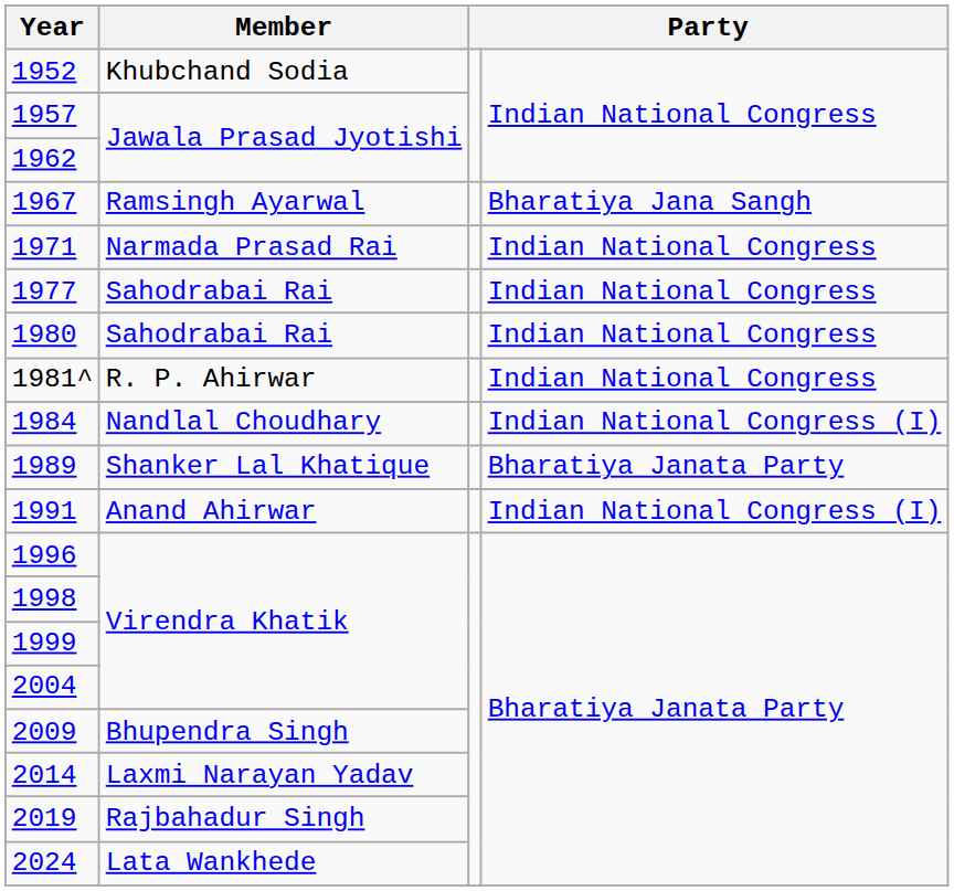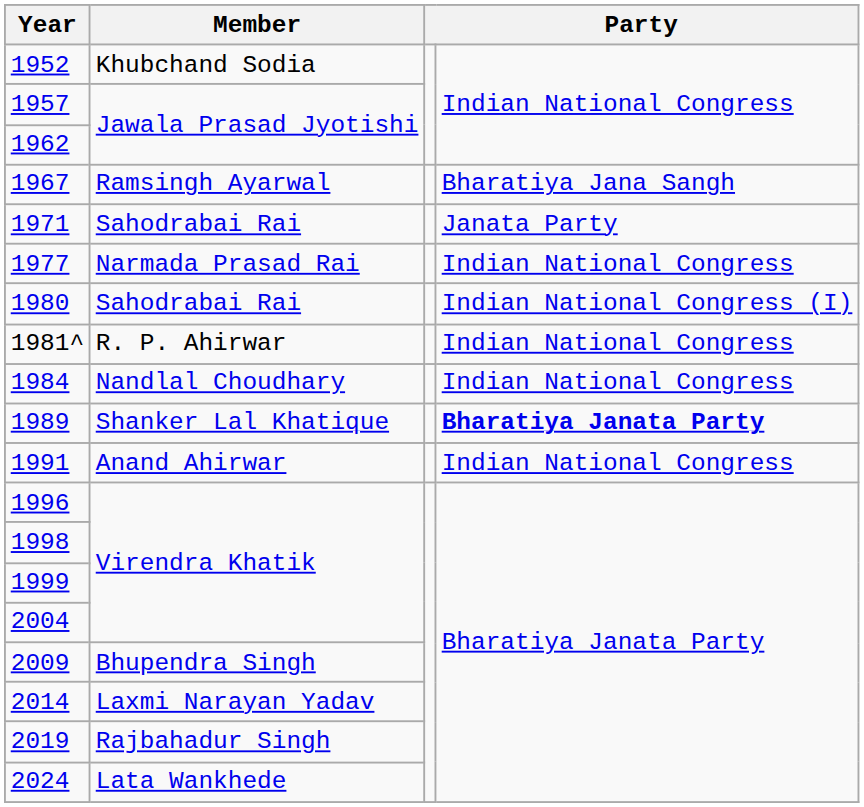 <table class="wikitable">
 <tr>
 <th>Year</th>
 <th>Member</th>
 <th colspan=2>Party</th>
 </tr>
 <tr>
 <td><a href='#'>1952</a></td>
 <td>Khubchand Sodia</td>
 <td rowspan=3 style="background-color: "></td>
 <td rowspan="3"><a href='#'>Indian National Congress</a></td>
 </tr>
 <tr>
 <td><a href='#'>1957</a></td>
 <td rowspan="2"><a href='#'>Jawala Prasad Jyotishi</a></td>
 </tr>
 <tr>
 <td><a href='#'>1962</a></td>
 </tr>
 <tr>
 <td><a href='#'>1967</a></td>
 <td><a href='#'>Ramsingh Ayarwal</a></td>
 <td style="background-color: "></td>
 <td><a href='#'>Bharatiya Jana Sangh</a></td>
 </tr>
 <tr>
 <td><a href='#'>1971</a></td>
-<td><a href='#'>Narmada Prasad Rai</a></td>
+<td><a href='#'>Sahodrabai Rai</a></td>
 <td style="background-color: "></td>
-<td><a href='#'>Indian National Congress</a></td>
+<td><a href='#'>Janata Party</a></td>
 </tr>
 <tr>
 <td><a href='#'>1977</a></td>
-<td><a href='#'>Sahodrabai Rai</a></td>
+<td><a href='#'>Narmada Prasad Rai</a></td>
 <td style="background-color: "></td>
 <td><a href='#'>Indian National Congress</a></td>
 </tr>
 <tr>
 <td><a href='#'>1980</a></td>
 <td><a href='#'>Sahodrabai Rai</a></td>
 <td style="background-color: "></td>
-<td><a href='#'>Indian National Congress</a></td>
+<td><a href='#'>Indian National Congress (I)</a></td>
 </tr>
 <tr>
 <td>1981^</td>
 <td>R. P. Ahirwar</td>
 <td style="background-color: "></td>
 <td><a href='#'>Indian National Congress</a></td>
 </tr>
 <tr>
 <td><a href='#'>1984</a></td>
 <td><a href='#'>Nandlal Choudhary</a></td>
 <td style="background-color: "></td>
-<td><a href='#'>Indian National Congress (I)</a></td>
+<td><a href='#'>Indian National Congress</a></td>
 </tr>
 <tr>
 <td><a href='#'>1989</a></td>
 <td><a href='#'>Shanker Lal Khatique</a></td>
 <td style="background-color: "></td>
-<td><a href='#'>Bharatiya Janata Party</a></td>
+<td><strong><a href='#'>Bharatiya Janata Party</a></strong></td>
 </tr>
 <tr>
 <td><a href='#'>1991</a></td>
 <td><a href='#'>Anand Ahirwar</a></td>
 <td style="background-color: "></td>
-<td><a href='#'>Indian National Congress (I)</a></td>
+<td><a href='#'>Indian National Congress</a></td>
 </tr>
 <tr>
 <td><a href='#'>1996</a></td>
 <td rowspan="4"><a href='#'>Virendra Khatik</a></td>
 <td rowspan=8 style="background-color: "></td>
 <td rowspan="8"><a href='#'>Bharatiya Janata Party</a></td>
 </tr>
 <tr>
 <td><a href='#'>1998</a></td>
 </tr>
 <tr>
 <td><a href='#'>1999</a></td>
 </tr>
 <tr>
 <td><a href='#'>2004</a></td>
 </tr>
 <tr>
 <td><a href='#'>2009</a></td>
 <td><a href='#'>Bhupendra Singh</a></td>
 </tr>
 <tr>
 <td><a href='#'>2014</a></td>
 <td><a href='#'>Laxmi Narayan Yadav</a></td>
 </tr>
 <tr>
 <td><a href='#'>2019</a></td>
 <td><a href='#'>Rajbahadur Singh</a></td>
 </tr>
 <tr>
 <td><a href='#'>2024</a></td>
 <td><a href='#'>Lata Wankhede</a></td>
 </tr>
 </table>
